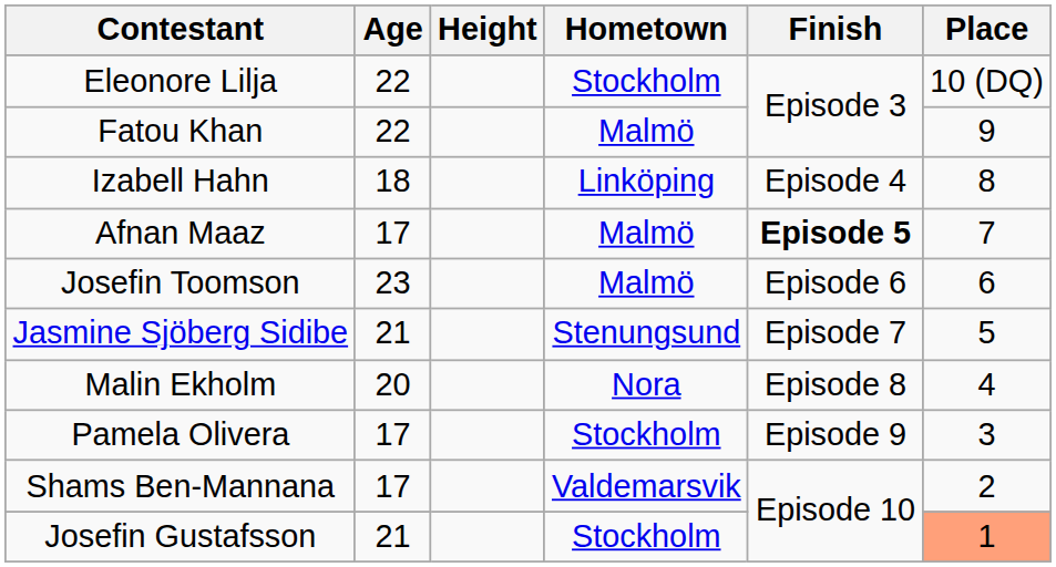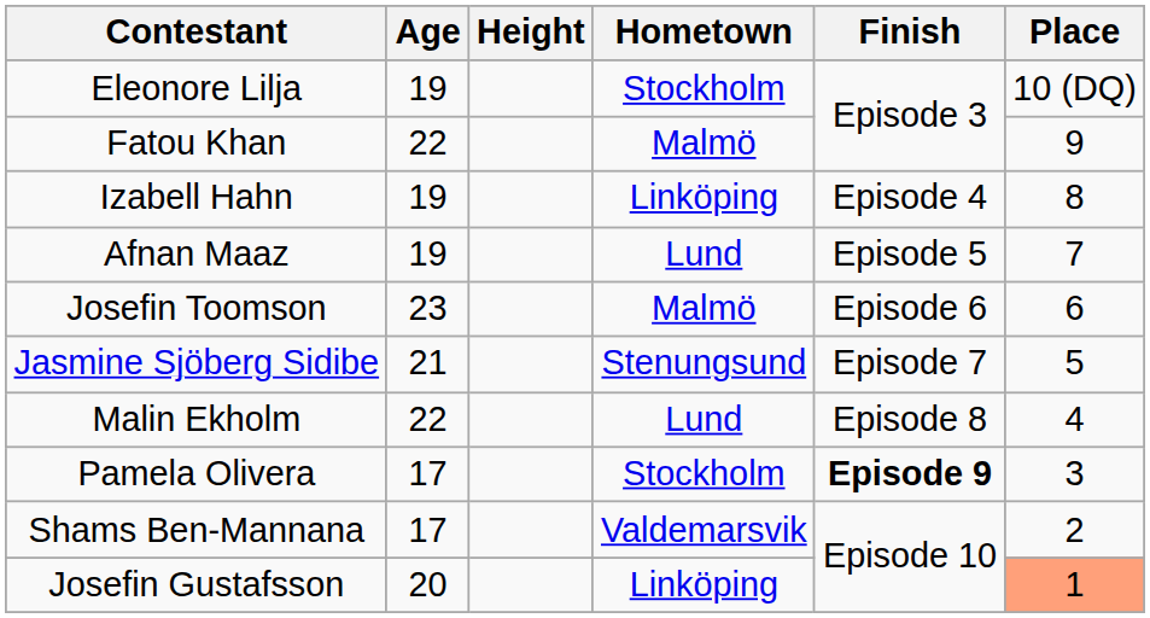 <table class="wikitable sortable" style="text-align:center;">
 <tr>
 <th>Contestant</th>
 <th>Age</th>
 <th>Height</th>
 <th>Hometown</th>
 <th>Finish</th>
 <th>Place</th>
 </tr>
 <tr>
 <td>Eleonore Lilja</td>
-<td>22</td>
+<td>19</td>
 <td></td>
 <td><a href='#'>Stockholm</a></td>
 <td rowspan="2">Episode 3</td>
 <td>10 (DQ)</td>
 </tr>
 <tr>
 <td>Fatou Khan</td>
 <td>22</td>
 <td></td>
 <td><a href='#'>Malmö</a></td>
 <td>9</td>
 </tr>
 <tr>
 <td>Izabell Hahn</td>
-<td>18</td>
+<td>19</td>
 <td></td>
 <td><a href='#'>Linköping</a></td>
 <td>Episode 4</td>
 <td>8</td>
 </tr>
 <tr>
 <td>Afnan Maaz</td>
-<td>17</td>
+<td>19</td>
 <td></td>
-<td><a href='#'>Malmö</a></td>
-<td><strong>Episode 5</strong></td>
+<td><a href='#'>Lund</a></td>
+<td>Episode 5</td>
 <td>7</td>
 </tr>
 <tr>
 <td>Josefin Toomson</td>
 <td>23</td>
 <td></td>
 <td><a href='#'>Malmö</a></td>
 <td>Episode 6</td>
 <td>6</td>
 </tr>
 <tr>
 <td><a href='#'>Jasmine Sjöberg Sidibe</a></td>
 <td>21</td>
 <td></td>
 <td><a href='#'>Stenungsund</a></td>
 <td>Episode 7</td>
 <td>5</td>
 </tr>
 <tr>
 <td>Malin Ekholm</td>
-<td>20</td>
+<td>22</td>
 <td></td>
-<td><a href='#'>Nora</a></td>
+<td><a href='#'>Lund</a></td>
 <td>Episode 8</td>
 <td>4</td>
 </tr>
 <tr>
 <td>Pamela Olivera</td>
 <td>17</td>
 <td></td>
 <td><a href='#'>Stockholm</a></td>
-<td>Episode 9</td>
+<td><strong>Episode 9</strong></td>
 <td>3</td>
 </tr>
 <tr>
 <td>Shams Ben-Mannana</td>
 <td>17</td>
 <td></td>
 <td><a href='#'>Valdemarsvik</a></td>
 <td rowspan="2">Episode 10</td>
 <td>2</td>
 </tr>
 <tr>
 <td>Josefin Gustafsson</td>
-<td>21</td>
+<td>20</td>
 <td></td>
-<td><a href='#'>Stockholm</a></td>
+<td><a href='#'>Linköping</a></td>
 <td style="background: lightsalmon;">1</td>
 </tr>
 </table>
